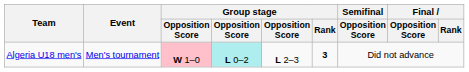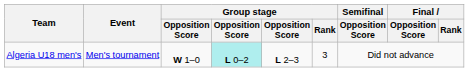 <table class="wikitable" style="text-align:center; font-size:90%">
 <tr>
 <th rowspan=2>Team</th>
 <th rowspan=2>Event</th>
 <th colspan=4>Group stage</th>
 <th>Semifinal</th>
 <th colspan=2>Final / </th>
 </tr>
 <tr style="font-size:95%">
 <th>Opposition<br>Score</th>
 <th>Opposition<br>Score</th>
 <th>Opposition<br>Score</th>
 <th>Rank</th>
 <th>Opposition<br>Score</th>
 <th>Opposition<br>Score</th>
 <th>Rank</th>
 </tr>
 <tr>
 <td align=left><a href='#'>Algeria U18 men's</a></td>
 <td align=left><a href='#'>Men's tournament</a></td>
-<td style="background: pink;"><br><strong>W</strong> 1–0</td>
+<td><br><strong>W</strong> 1–0</td>
 <td style="background: paleturquoise;"><br><strong>L</strong> 0–2</td>
 <td><br><strong>L</strong> 2–3</td>
-<td><strong>3</strong></td>
+<td>3</td>
 <td colspan="3">Did not advance</td>
 </tr>
 </table>
